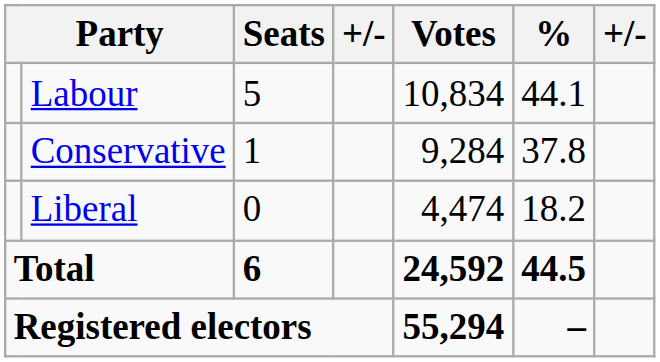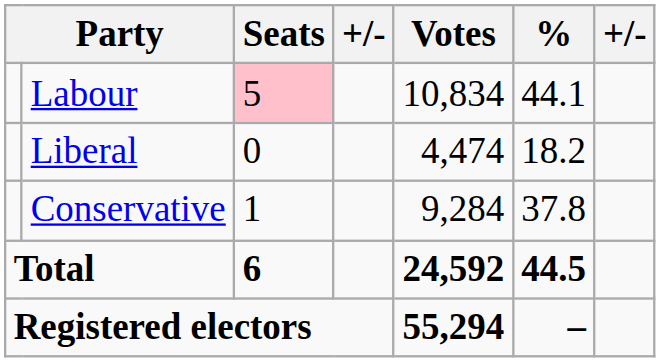 <table class="wikitable sortable">
 <tr>
 <th colspan="2">Party</th>
 <th>Seats</th>
 <th>+/-</th>
 <th>Votes</th>
 <th>%</th>
 <th>+/-</th>
 </tr>
 <tr>
 <td style="background-color: "></td>
 <td><a href='#'>Labour</a></td>
-<td>5</td>
+<td style="background: pink;">5</td>
 <td></td>
 <td style="text-align:right;">10,834</td>
 <td style="text-align:right;">44.1</td>
+<td style="text-align:right;"></td>
+</tr>
+<tr>
+<td style="background-color: "></td>
+<td><a href='#'>Liberal</a></td>
+<td>0</td>
+<td></td>
+<td style="text-align:right;">4,474</td>
+<td style="text-align:right;">18.2</td>
 <td style="text-align:right;"></td>
 </tr>
 <tr>
 <td style="background-color: "></td>
 <td><a href='#'>Conservative</a></td>
 <td>1</td>
 <td></td>
 <td style="text-align:right;">9,284</td>
 <td style="text-align:right;">37.8</td>
-<td style="text-align:right;"></td>
-</tr>
-<tr>
-<td style="background-color: "></td>
-<td><a href='#'>Liberal</a></td>
-<td>0</td>
-<td></td>
-<td style="text-align:right;">4,474</td>
-<td style="text-align:right;">18.2</td>
 <td style="text-align:right;"></td>
 </tr>
 <tr>
 <td colspan="2"><strong>Total</strong></td>
 <td><strong>6</strong></td>
 <td></td>
 <td style="text-align:right;"><strong>24,592</strong></td>
 <td style="text-align:right;"><strong>44.5</strong></td>
 <td style="text-align:right;"></td>
 </tr>
 <tr>
 <td colspan="4"><strong>Registered electors</strong></td>
 <td style="text-align:right;"><strong>55,294</strong></td>
 <td style="text-align:right;"><strong>–</strong></td>
 <td style="text-align:right;"></td>
 </tr>
 </table>
